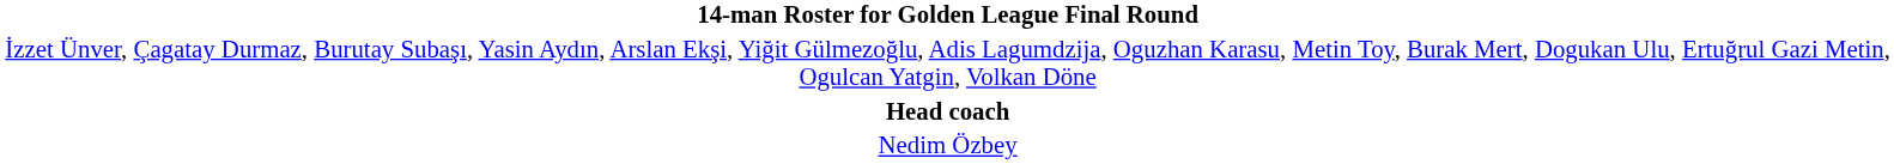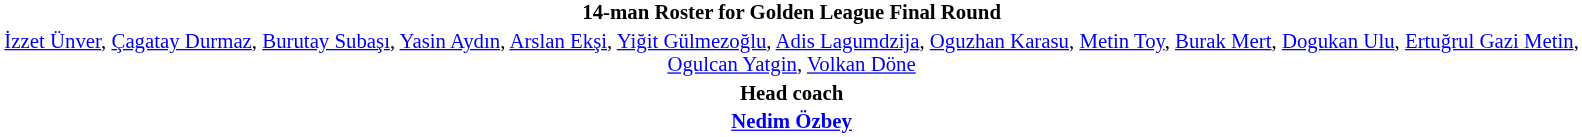 <table style="text-align:center; margin-top:2em; margin-left:auto; margin-right:auto">
 <tr>
 <td><strong>14-man Roster for Golden League Final Round</strong></td>
 </tr>
 <tr>
 <td><a href='#'>İzzet Ünver</a>, <a href='#'>Çagatay Durmaz</a>, <a href='#'>Burutay Subaşı</a>, <a href='#'>Yasin Aydın</a>, <a href='#'>Arslan Ekşi</a>, <a href='#'>Yiğit Gülmezoğlu</a>, <a href='#'>Adis Lagumdzija</a>, <a href='#'>Oguzhan Karasu</a>, <a href='#'>Metin Toy</a>, <a href='#'>Burak Mert</a>, <a href='#'>Dogukan Ulu</a>, <a href='#'>Ertuğrul Gazi Metin</a>, <a href='#'>Ogulcan Yatgin</a>, <a href='#'>Volkan Döne</a></td>
 </tr>
 <tr>
 <td><strong>Head coach</strong></td>
 </tr>
 <tr>
-<td><a href='#'>Nedim Özbey</a></td>
+<td><strong><a href='#'>Nedim Özbey</a></strong></td>
 </tr>
 </table>
